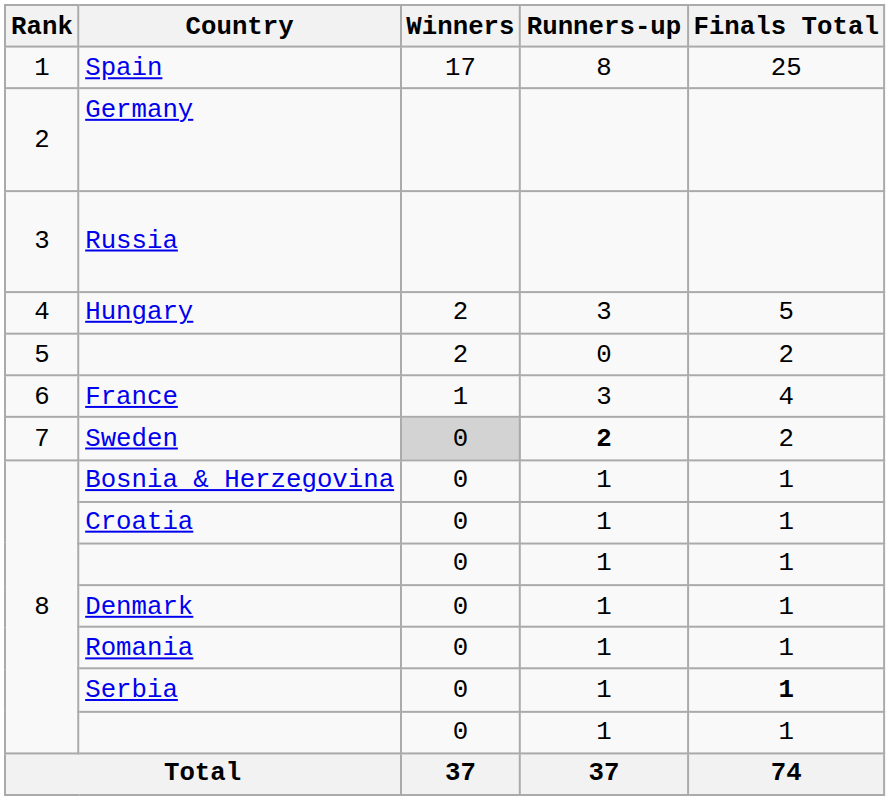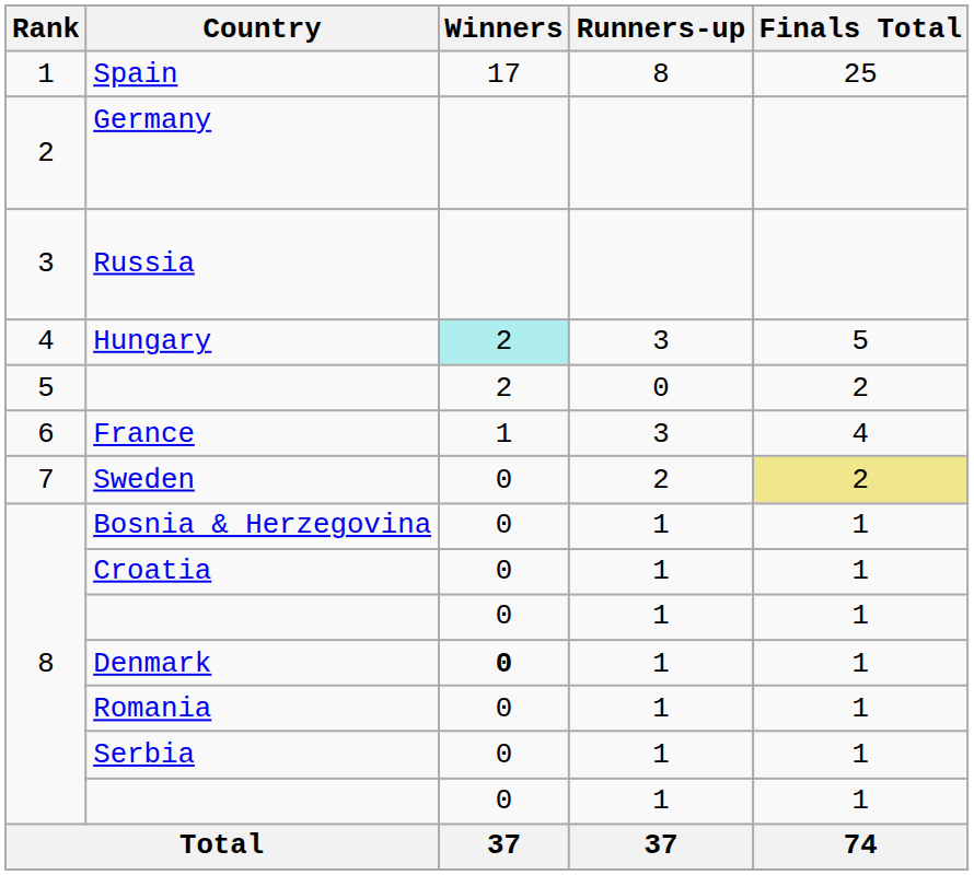 <table class="wikitable">
 <tr>
 <th>Rank</th>
 <th>Country</th>
 <th>Winners</th>
 <th>Runners-up</th>
 <th>Finals Total</th>
 </tr>
 <tr>
 <td align=center>1</td>
 <td> <a href='#'>Spain</a></td>
 <td align=center>17</td>
 <td align=center>8</td>
 <td align=center>25</td>
 </tr>
 <tr>
 <td align=center>2</td>
 <td> <a href='#'>Germany</a><br><em></em><br> </td>
 <td align=center></td>
 <td align=center></td>
 <td align=center></td>
 </tr>
 <tr>
 <td align=center>3</td>
 <td><em></em> <br> <a href='#'>Russia</a><br> </td>
 <td align=center></td>
 <td align=center></td>
 <td align=center></td>
 </tr>
 <tr>
 <td align=center>4</td>
 <td> <a href='#'>Hungary</a></td>
-<td align=center>2</td>
+<td align=center style="background: paleturquoise;">2</td>
 <td align=center>3</td>
 <td align=center>5</td>
 </tr>
 <tr>
 <td align=center>5</td>
 <td></td>
 <td align=center>2</td>
 <td align=center>0</td>
 <td align=center>2</td>
 </tr>
 <tr>
 <td align=center>6</td>
 <td> <a href='#'>France</a></td>
 <td align=center>1</td>
 <td align=center>3</td>
 <td align=center>4</td>
 </tr>
 <tr>
 <td align=center>7</td>
 <td> <a href='#'>Sweden</a></td>
-<td align=center style="background: lightgrey;">0</td>
-<td align=center><strong>2</strong></td>
+<td align=center>0</td>
 <td align=center>2</td>
+<td align=center style="background: khaki;">2</td>
 </tr>
 <tr>
 <td align=center rowspan=7>8</td>
 <td> <a href='#'>Bosnia & Herzegovina</a></td>
 <td align=center>0</td>
 <td align=center>1</td>
 <td align=center>1</td>
 </tr>
 <tr>
 <td> <a href='#'>Croatia</a></td>
 <td align=center>0</td>
 <td align=center>1</td>
 <td align=center>1</td>
 </tr>
 <tr>
 <td></td>
 <td align=center>0</td>
 <td align=center>1</td>
 <td align=center>1</td>
 </tr>
 <tr>
 <td> <a href='#'>Denmark</a></td>
-<td align=center>0</td>
+<td align=center><strong>0</strong></td>
 <td align=center>1</td>
 <td align=center>1</td>
 </tr>
 <tr>
 <td> <a href='#'>Romania</a></td>
 <td align=center>0</td>
 <td align=center>1</td>
 <td align=center>1</td>
 </tr>
 <tr>
 <td> <a href='#'>Serbia</a></td>
 <td align=center>0</td>
 <td align=center>1</td>
-<td align=center><strong>1</strong></td>
+<td align=center>1</td>
 </tr>
 <tr>
 <td></td>
 <td align=center>0</td>
 <td align=center>1</td>
 <td align=center>1</td>
 </tr>
 <tr>
 <th colspan=2>Total</th>
 <th>37</th>
 <th>37</th>
 <th>74</th>
 </tr>
 </table>
